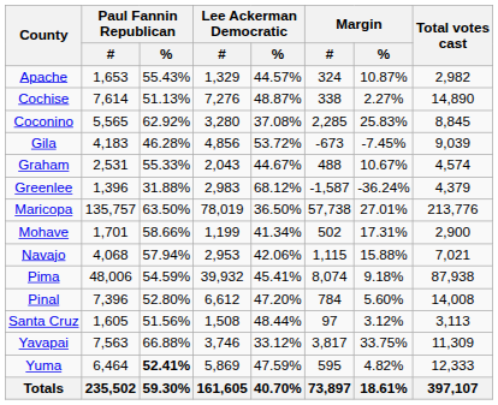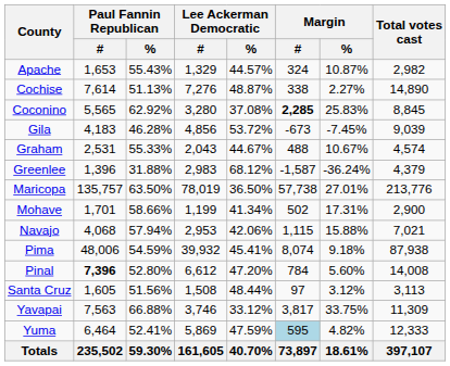 <table class="wikitable sortable" style="text-align:center">
 <tr>
 <th rowspan="2">County</th>
 <th style="text-align:center;" colspan="2">Paul Fannin<br>Republican</th>
 <th style="text-align:center;" colspan="2">Lee Ackerman<br>Democratic</th>
 <th style="text-align:center;" colspan="2">Margin</th>
 <th style="text-align:center;" rowspan="2">Total votes<br>cast</th>
 </tr>
 <tr>
 <th style="text-align:center;" data-sort-type="number">#</th>
 <th style="text-align:center;" data-sort-type="number">%</th>
 <th style="text-align:center;" data-sort-type="number">#</th>
 <th style="text-align:center;" data-sort-type="number">%</th>
 <th style="text-align:center;" data-sort-type="number">#</th>
 <th style="text-align:center;" data-sort-type="number">%</th>
 </tr>
 <tr style="text-align:center;">
 <td><a href='#'>Apache</a></td>
 <td>1,653</td>
 <td>55.43%</td>
 <td>1,329</td>
 <td>44.57%</td>
 <td>324</td>
 <td>10.87%</td>
 <td>2,982</td>
 </tr>
 <tr style="text-align:center;">
 <td><a href='#'>Cochise</a></td>
 <td>7,614</td>
 <td>51.13%</td>
 <td>7,276</td>
 <td>48.87%</td>
 <td>338</td>
 <td>2.27%</td>
 <td>14,890</td>
 </tr>
 <tr style="text-align:center;">
 <td><a href='#'>Coconino</a></td>
 <td>5,565</td>
 <td>62.92%</td>
 <td>3,280</td>
 <td>37.08%</td>
-<td>2,285</td>
+<td><strong>2,285</strong></td>
 <td>25.83%</td>
 <td>8,845</td>
 </tr>
 <tr style="text-align:center;">
 <td><a href='#'>Gila</a></td>
 <td>4,183</td>
 <td>46.28%</td>
 <td>4,856</td>
 <td>53.72%</td>
 <td>-673</td>
 <td>-7.45%</td>
 <td>9,039</td>
 </tr>
 <tr style="text-align:center;">
 <td><a href='#'>Graham</a></td>
 <td>2,531</td>
 <td>55.33%</td>
 <td>2,043</td>
 <td>44.67%</td>
 <td>488</td>
 <td>10.67%</td>
 <td>4,574</td>
 </tr>
 <tr style="text-align:center;">
 <td><a href='#'>Greenlee</a></td>
 <td>1,396</td>
 <td>31.88%</td>
 <td>2,983</td>
 <td>68.12%</td>
 <td>-1,587</td>
 <td>-36.24%</td>
 <td>4,379</td>
 </tr>
 <tr style="text-align:center;">
 <td><a href='#'>Maricopa</a></td>
 <td>135,757</td>
 <td>63.50%</td>
 <td>78,019</td>
 <td>36.50%</td>
 <td>57,738</td>
 <td>27.01%</td>
 <td>213,776</td>
 </tr>
 <tr style="text-align:center;">
 <td><a href='#'>Mohave</a></td>
 <td>1,701</td>
 <td>58.66%</td>
 <td>1,199</td>
 <td>41.34%</td>
 <td>502</td>
 <td>17.31%</td>
 <td>2,900</td>
 </tr>
 <tr style="text-align:center;">
 <td><a href='#'>Navajo</a></td>
 <td>4,068</td>
 <td>57.94%</td>
 <td>2,953</td>
 <td>42.06%</td>
 <td>1,115</td>
 <td>15.88%</td>
 <td>7,021</td>
 </tr>
 <tr style="text-align:center;">
 <td><a href='#'>Pima</a></td>
 <td>48,006</td>
 <td>54.59%</td>
 <td>39,932</td>
 <td>45.41%</td>
 <td>8,074</td>
 <td>9.18%</td>
 <td>87,938</td>
 </tr>
 <tr style="text-align:center;">
 <td><a href='#'>Pinal</a></td>
-<td>7,396</td>
+<td><strong>7,396</strong></td>
 <td>52.80%</td>
 <td>6,612</td>
 <td>47.20%</td>
 <td>784</td>
 <td>5.60%</td>
 <td>14,008</td>
 </tr>
 <tr style="text-align:center;">
 <td><a href='#'>Santa Cruz</a></td>
 <td>1,605</td>
 <td>51.56%</td>
 <td>1,508</td>
 <td>48.44%</td>
 <td>97</td>
 <td>3.12%</td>
 <td>3,113</td>
 </tr>
 <tr style="text-align:center;">
 <td><a href='#'>Yavapai</a></td>
 <td>7,563</td>
 <td>66.88%</td>
 <td>3,746</td>
 <td>33.12%</td>
 <td>3,817</td>
 <td>33.75%</td>
 <td>11,309</td>
 </tr>
 <tr style="text-align:center;">
 <td><a href='#'>Yuma</a></td>
 <td>6,464</td>
-<td><strong>52.41%</strong></td>
+<td>52.41%</td>
 <td>5,869</td>
 <td>47.59%</td>
-<td>595</td>
+<td style="background: lightblue;">595</td>
 <td>4.82%</td>
 <td>12,333</td>
 </tr>
 <tr style="text-align:center;">
 <th>Totals</th>
 <th>235,502</th>
 <th>59.30%</th>
 <th>161,605</th>
 <th>40.70%</th>
 <th>73,897</th>
 <th>18.61%</th>
 <th>397,107</th>
 </tr>
 </table>
